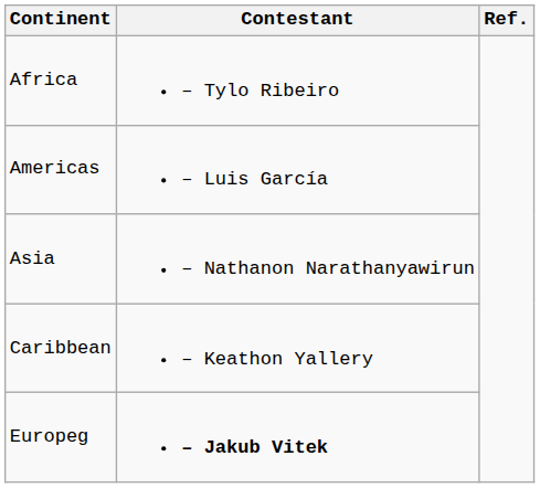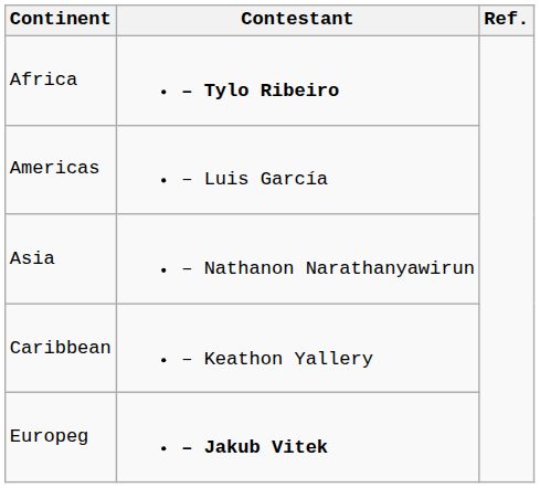 <table class="wikitable" style="font-size:95%;">
 <tr>
 <th>Continent</th>
 <th>Contestant</th>
 <th>Ref.</th>
 </tr>
 <tr>
 <td>Africa</td>
-<td><br><ul><li> – Tylo Ribeiro</li></ul></td>
+<td><strong><br><ul><li> – Tylo Ribeiro</li></ul></strong></td>
 <td rowspan="5"></td>
 </tr>
 <tr>
 <td>Americas</td>
 <td><br><ul><li> – Luis García</li></ul></td>
 </tr>
 <tr>
 <td>Asia</td>
 <td><br><ul><li> – Nathanon Narathanyawirun</li></ul></td>
 </tr>
 <tr>
 <td>Caribbean</td>
 <td><br><ul><li> – Keathon Yallery</li></ul></td>
 </tr>
 <tr>
 <td>Europeg</td>
 <td><strong><br><ul><li> – Jakub Vitek</li></ul></strong></td>
 </tr>
 </table>
